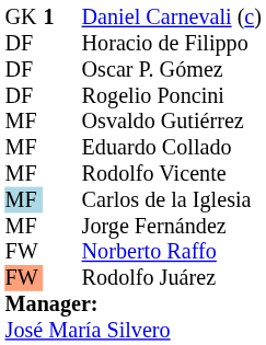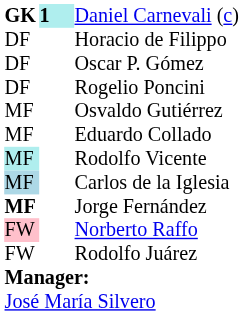 <table style="font-size:90%; margin:0.2em auto;" cellspacing="0" cellpadding="0">
 <tr>
 <th width="25"></th>
 <th width="25"></th>
 </tr>
 <tr>
-<td>GK</td>
-<td><strong>1</strong></td>
+<td><strong>GK</strong></td>
+<td style="background: paleturquoise;"><strong>1</strong></td>
 <td> <a href='#'>Daniel Carnevali</a> (<a href='#'>c</a>)</td>
 </tr>
 <tr>
 <td>DF</td>
 <td></td>
 <td> Horacio de Filippo</td>
 </tr>
 <tr>
 <td>DF</td>
 <td></td>
 <td> Oscar P. Gómez</td>
 </tr>
 <tr>
 <td>DF</td>
 <td></td>
 <td> Rogelio Poncini</td>
 </tr>
 <tr>
 <td>MF</td>
 <td></td>
 <td> Osvaldo Gutiérrez</td>
 </tr>
 <tr>
 <td>MF</td>
 <td></td>
 <td> Eduardo Collado</td>
 </tr>
 <tr>
-<td>MF</td>
+<td style="background: paleturquoise;">MF</td>
 <td></td>
 <td> Rodolfo Vicente</td>
 </tr>
 <tr>
 <td style="background: lightblue;">MF</td>
 <td></td>
 <td> Carlos de la Iglesia</td>
 </tr>
 <tr>
-<td>MF</td>
+<td><strong>MF</strong></td>
 <td></td>
 <td> Jorge Fernández</td>
 </tr>
 <tr>
-<td>FW</td>
+<td style="background: pink;">FW</td>
 <td></td>
 <td> <a href='#'>Norberto Raffo</a></td>
 </tr>
 <tr>
-<td style="background: lightsalmon;">FW</td>
+<td>FW</td>
 <td></td>
 <td> Rodolfo Juárez</td>
 </tr>
 <tr>
 <td colspan=3><strong>Manager:</strong></td>
 </tr>
 <tr>
 <td colspan=4> <a href='#'>José María Silvero</a></td>
 </tr>
 </table>
